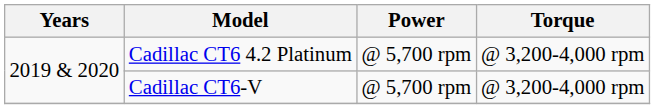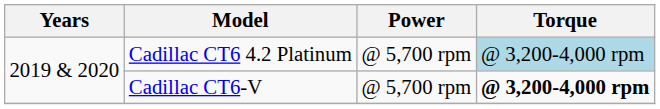 <table class="wikitable sortable">
 <tr>
 <th>Years</th>
 <th>Model</th>
 <th>Power</th>
 <th>Torque</th>
 </tr>
 <tr>
 <td rowspan="2">2019 & 2020</td>
 <td><a href='#'>Cadillac CT6</a> 4.2 Platinum</td>
 <td> @ 5,700 rpm</td>
-<td> @ 3,200-4,000 rpm</td>
+<td style="background: lightblue;"> @ 3,200-4,000 rpm</td>
 </tr>
 <tr>
 <td><a href='#'>Cadillac CT6</a>-V</td>
 <td> @ 5,700 rpm</td>
-<td> @ 3,200-4,000 rpm</td>
+<td><strong> @ 3,200-4,000 rpm</strong></td>
 </tr>
 <tr>
 </tr>
 </table>
